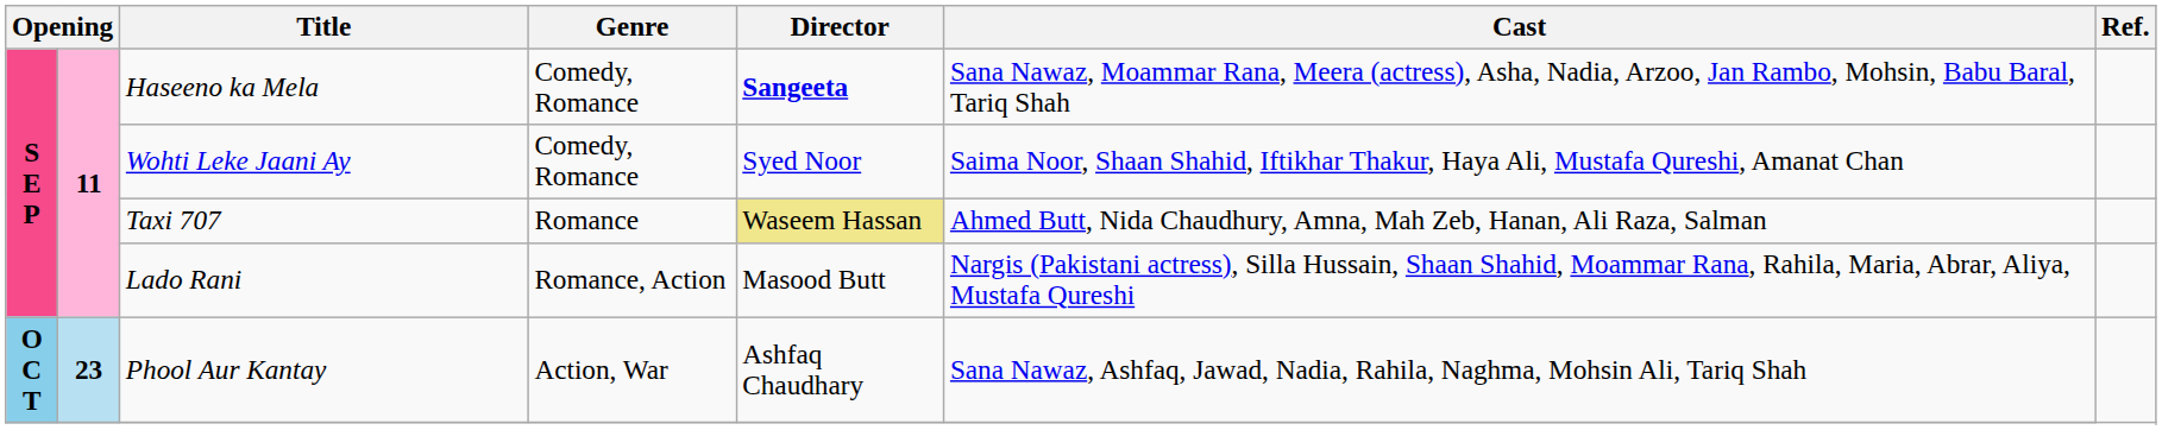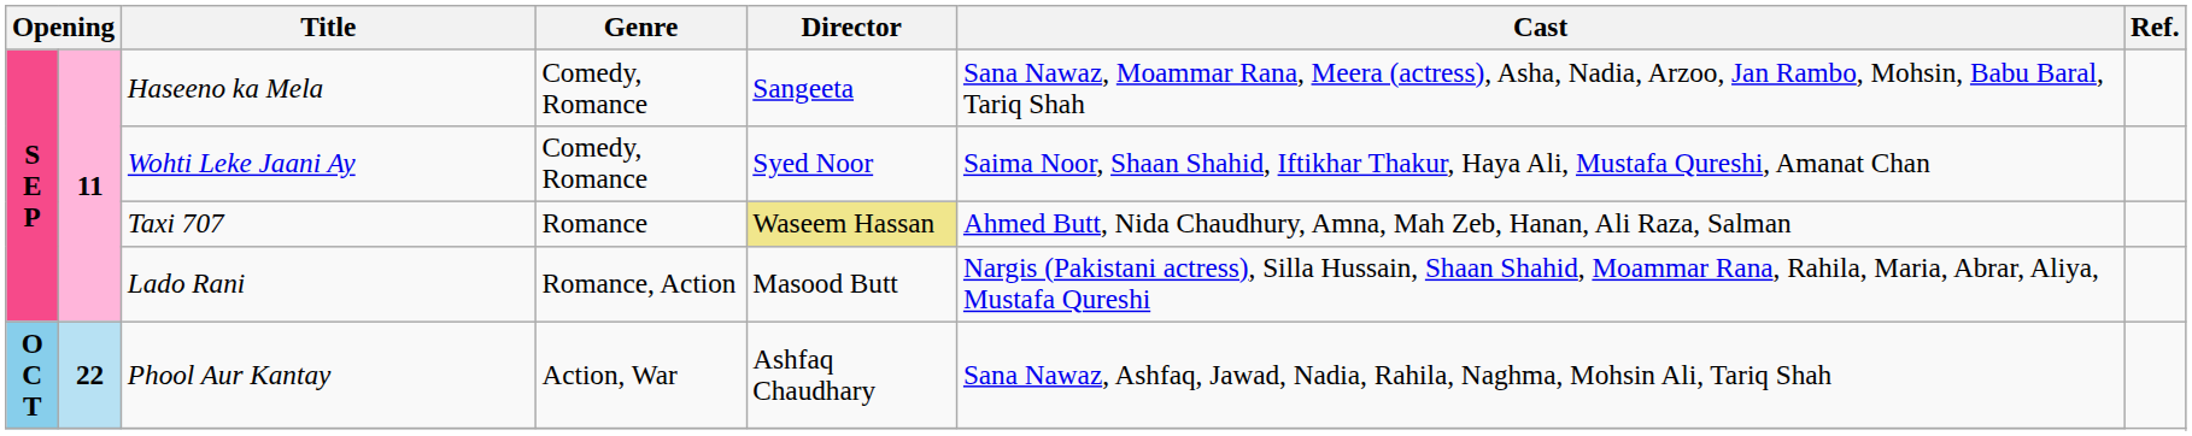 <table class="wikitable">
 <tr style="background:#b0e0e66; text-align:center;">
 <th colspan="2"><strong>Opening</strong></th>
 <th style="width:19%;"><strong>Title</strong></th>
 <th><strong>Genre</strong></th>
 <th><strong>Director</strong></th>
 <th><strong>Cast</strong></th>
 <th><strong>Ref.</strong></th>
 </tr>
 <tr>
 <td rowspan="4" style="text-align:center; background:#f64a8a;"><strong>S<br>E<br>P</strong></td>
 <td rowspan="4" style="text-align:center; textcolor:#000; background:#ffb5da;"><strong>11</strong></td>
 <td><em>Haseeno ka Mela</em></td>
 <td>Comedy, Romance</td>
-<td><strong><a href='#'>Sangeeta</a></strong></td>
+<td><a href='#'>Sangeeta</a></td>
 <td><a href='#'>Sana Nawaz</a>, <a href='#'>Moammar Rana</a>, <a href='#'>Meera (actress)</a>, Asha, Nadia, Arzoo, <a href='#'>Jan Rambo</a>, Mohsin, <a href='#'>Babu Baral</a>, Tariq Shah</td>
 <td></td>
 </tr>
 <tr>
 <td><a href='#'><em>Wohti Leke Jaani Ay</em></a></td>
 <td>Comedy, Romance</td>
 <td><a href='#'>Syed Noor</a></td>
 <td><a href='#'>Saima Noor</a>, <a href='#'>Shaan Shahid</a>, <a href='#'>Iftikhar Thakur</a>, Haya Ali, <a href='#'>Mustafa Qureshi</a>, Amanat Chan</td>
 <td></td>
 </tr>
 <tr>
 <td><em>Taxi 707</em></td>
 <td>Romance</td>
 <td style="background: khaki;">Waseem Hassan</td>
 <td><a href='#'>Ahmed Butt</a>, Nida Chaudhury, Amna, Mah Zeb, Hanan, Ali Raza, Salman</td>
 <td></td>
 </tr>
 <tr>
 <td><em>Lado Rani</em></td>
 <td>Romance, Action</td>
 <td>Masood Butt</td>
 <td><a href='#'>Nargis (Pakistani actress)</a>, Silla Hussain, <a href='#'>Shaan Shahid</a>, <a href='#'>Moammar Rana</a>, Rahila, Maria, Abrar, Aliya, <a href='#'>Mustafa Qureshi</a></td>
 <td></td>
 </tr>
 <tr>
 <td rowspan="1" style="text-align:center; background:skyblue;"><strong>O<br>C<br>T</strong></td>
-<td style="text-align:center; textcolor:#000; background:#b7e1f3;"><strong>23</strong></td>
+<td style="text-align:center; textcolor:#000; background:#b7e1f3;"><strong>22</strong></td>
 <td><em>Phool Aur Kantay</em></td>
 <td>Action, War</td>
 <td>Ashfaq Chaudhary</td>
 <td><a href='#'>Sana Nawaz</a>, Ashfaq, Jawad, Nadia, Rahila, Naghma, Mohsin Ali, Tariq Shah</td>
 </tr>
 <tr>
 </tr>
 </table>
